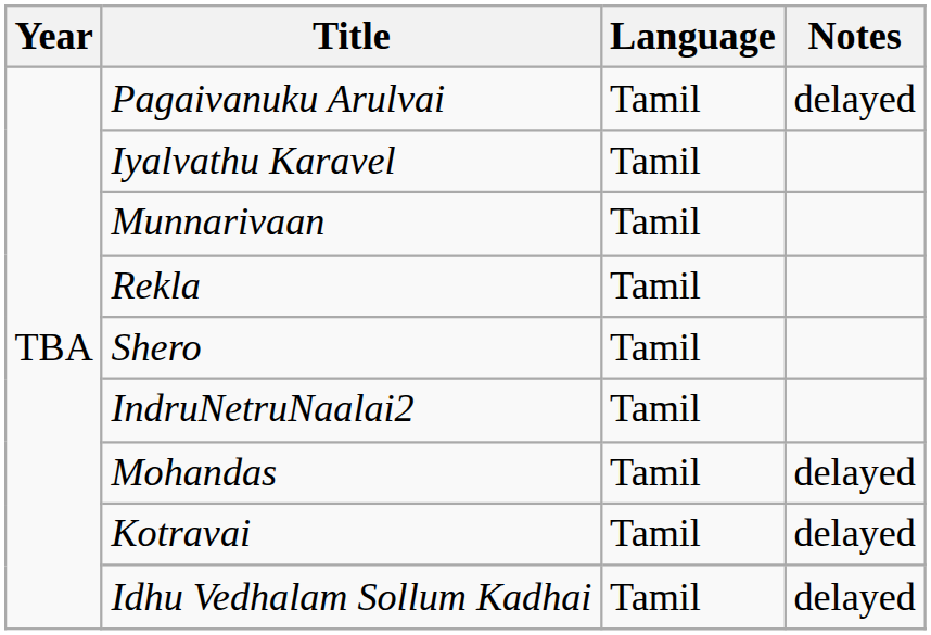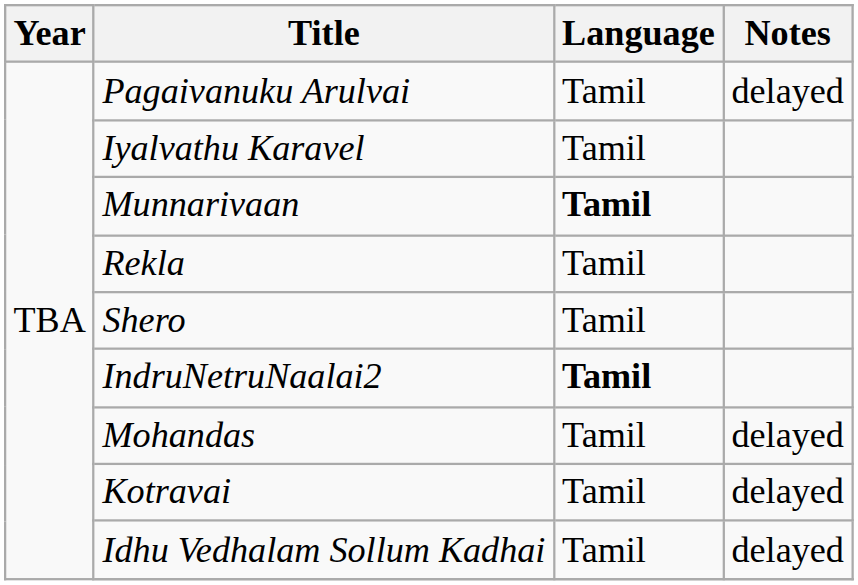 <table class="wikitable">
 <tr style="background:#ccc; text-align:center;">
 <th>Year</th>
 <th>Title</th>
 <th>Language</th>
 <th>Notes</th>
 </tr>
 <tr>
 <td rowspan="10">TBA</td>
 <td><em>Pagaivanuku Arulvai</em></td>
 <td>Tamil</td>
 <td>delayed</td>
 </tr>
 <tr>
 <td><em>Iyalvathu Karavel</em></td>
 <td>Tamil</td>
 <td></td>
 </tr>
 <tr>
 <td><em>Munnarivaan</em></td>
-<td>Tamil</td>
+<td><strong>Tamil</strong></td>
 <td></td>
 </tr>
 <tr>
 <td><em>Rekla</em></td>
 <td>Tamil</td>
 <td></td>
 </tr>
 <tr>
 <td><em>Shero</em></td>
 <td>Tamil</td>
 <td></td>
 </tr>
 <tr>
 <td><em>IndruNetruNaalai2</em></td>
-<td>Tamil</td>
+<td><strong>Tamil</strong></td>
 <td></td>
 </tr>
 <tr>
 <td><em>Mohandas</em></td>
 <td>Tamil</td>
 <td>delayed</td>
 </tr>
 <tr>
 <td><em>Kotravai</em></td>
 <td>Tamil</td>
 <td>delayed</td>
 </tr>
 <tr>
 <td><em>Idhu Vedhalam Sollum Kadhai</em></td>
 <td>Tamil</td>
 <td>delayed</td>
 </tr>
 <tr>
 </tr>
 </table>
